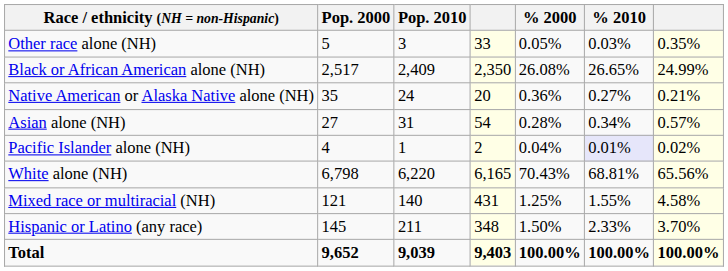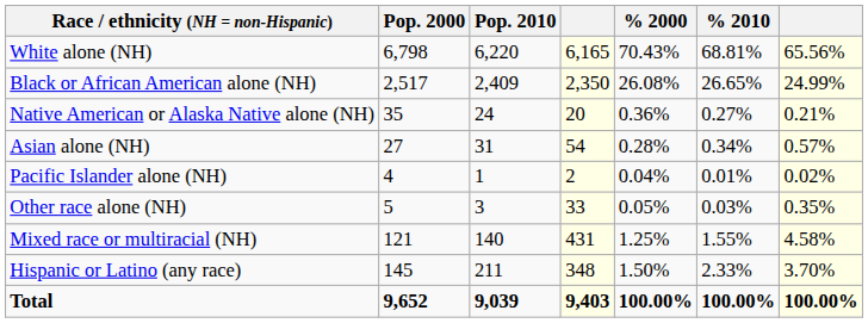 <table class="wikitable">
 <tr>
 <th>Race / ethnicity <small>(<em>NH = non-Hispanic</em>)</small></th>
 <th>Pop. 2000</th>
 <th>Pop. 2010</th>
 <th></th>
 <th>% 2000</th>
 <th>% 2010</th>
 <th></th>
 </tr>
 <tr>
-<td><a href='#'>Other race</a> alone (NH)</td>
-<td>5</td>
-<td>3</td>
-<td style='background: #ffffe6;'>33</td>
-<td>0.05%</td>
-<td>0.03%</td>
-<td style='background: #ffffe6;'>0.35%</td>
+<td><a href='#'>White</a> alone (NH)</td>
+<td>6,798</td>
+<td>6,220</td>
+<td style='background: #ffffe6;'>6,165</td>
+<td>70.43%</td>
+<td>68.81%</td>
+<td style='background: #ffffe6;'>65.56%</td>
 </tr>
 <tr>
 <td><a href='#'>Black or African American</a> alone (NH)</td>
 <td>2,517</td>
 <td>2,409</td>
 <td style='background: #ffffe6;'>2,350</td>
 <td>26.08%</td>
 <td>26.65%</td>
 <td style='background: #ffffe6;'>24.99%</td>
 </tr>
 <tr>
 <td><a href='#'>Native American</a> or <a href='#'>Alaska Native</a> alone (NH)</td>
 <td>35</td>
 <td>24</td>
 <td style='background: #ffffe6;'>20</td>
 <td>0.36%</td>
 <td>0.27%</td>
 <td style='background: #ffffe6;'>0.21%</td>
 </tr>
 <tr>
 <td><a href='#'>Asian</a> alone (NH)</td>
 <td>27</td>
 <td>31</td>
 <td style='background: #ffffe6;'>54</td>
 <td>0.28%</td>
 <td>0.34%</td>
 <td style='background: #ffffe6;'>0.57%</td>
 </tr>
 <tr>
 <td><a href='#'>Pacific Islander</a> alone (NH)</td>
 <td>4</td>
 <td>1</td>
 <td style='background: #ffffe6;'>2</td>
 <td>0.04%</td>
-<td style="background: lavender;">0.01%</td>
+<td>0.01%</td>
 <td style='background: #ffffe6;'>0.02%</td>
 </tr>
 <tr>
-<td><a href='#'>White</a> alone (NH)</td>
-<td>6,798</td>
-<td>6,220</td>
-<td style='background: #ffffe6;'>6,165</td>
-<td>70.43%</td>
-<td>68.81%</td>
-<td style='background: #ffffe6;'>65.56%</td>
+<td><a href='#'>Other race</a> alone (NH)</td>
+<td>5</td>
+<td>3</td>
+<td style='background: #ffffe6;'>33</td>
+<td>0.05%</td>
+<td>0.03%</td>
+<td style='background: #ffffe6;'>0.35%</td>
 </tr>
 <tr>
 <td><a href='#'>Mixed race or multiracial</a> (NH)</td>
 <td>121</td>
 <td>140</td>
 <td style='background: #ffffe6;'>431</td>
 <td>1.25%</td>
 <td>1.55%</td>
 <td style='background: #ffffe6;'>4.58%</td>
 </tr>
 <tr>
 <td><a href='#'>Hispanic or Latino</a> (any race)</td>
 <td>145</td>
 <td>211</td>
 <td style='background: #ffffe6;'>348</td>
 <td>1.50%</td>
 <td>2.33%</td>
 <td style='background: #ffffe6;'>3.70%</td>
 </tr>
 <tr>
 <td><strong>Total</strong></td>
 <td><strong>9,652</strong></td>
 <td><strong>9,039</strong></td>
 <td style='background: #ffffe6;'><strong>9,403</strong></td>
 <td><strong>100.00%</strong></td>
 <td><strong>100.00%</strong></td>
 <td style='background: #ffffe6;'><strong>100.00%</strong></td>
 </tr>
 </table>
